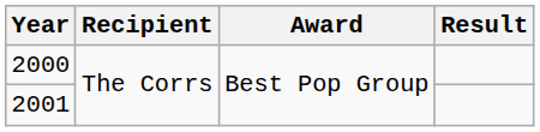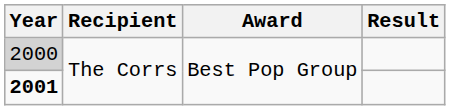 <table class="wikitable">
 <tr>
 <th>Year</th>
 <th>Recipient</th>
 <th>Award</th>
 <th>Result</th>
 </tr>
 <tr>
-<td>2000</td>
+<td style="background: lightgrey;">2000</td>
 <td rowspan="2">The Corrs</td>
 <td rowspan="2">Best Pop Group</td>
 <td></td>
 </tr>
 <tr>
-<td>2001</td>
+<td><strong>2001</strong></td>
 <td></td>
 </tr>
 </table>
